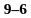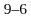 <table style="text-align:center">
 <tr>
 <th width=200></th>
 <th width=100></th>
 <th width=200></th>
 </tr>
 <tr>
 <td align=right><strong></strong></td>
-<td><strong>9–6</strong></td>
+<td>9–6</td>
 <td align=left></td>
 </tr>
 </table>
